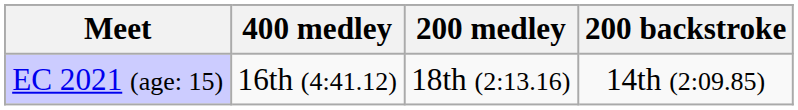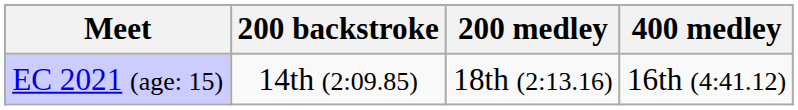 <table class="sortable wikitable">
 <tr>
 <th>Meet</th>
+<th class="unsortable">200 backstroke</th>
+<th class="unsortable">200 medley</th>
 <th class="unsortable">400 medley</th>
-<th class="unsortable">200 medley</th>
-<th class="unsortable">200 backstroke</th>
 </tr>
 <tr>
 <td style="background:#ccccff"><a href='#'>EC 2021</a> <small>(age: 15)</small></td>
+<td align="center">14th <small>(2:09.85)</small></td>
+<td align="center">18th <small>(2:13.16)</small></td>
 <td align="center">16th <small>(4:41.12)</small></td>
-<td align="center">18th <small>(2:13.16)</small></td>
-<td align="center">14th <small>(2:09.85)</small></td>
 </tr>
 </table>
